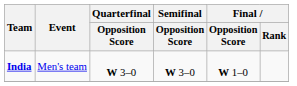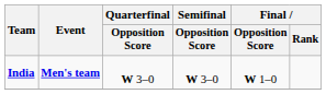 <table class=wikitable style=font-size:90%;text-align:center>
 <tr>
 <th rowspan=2>Team</th>
 <th rowspan=2>Event</th>
 <th>Quarterfinal</th>
 <th>Semifinal</th>
 <th colspan=2>Final / </th>
 </tr>
 <tr style=font-size:95%>
 <th>Opposition<br>Score</th>
 <th>Opposition<br>Score</th>
 <th>Opposition<br>Score</th>
 <th>Rank</th>
 </tr>
 <tr>
 <td align=left><strong><a href='#'>India</a></strong></td>
-<td align=left><a href='#'>Men's team</a></td>
+<td align=left><strong><a href='#'>Men's team</a></strong></td>
 <td><br><strong>W</strong> 3–0</td>
 <td><br> <strong>W</strong> 3–0</td>
 <td><br><strong>W</strong> 1–0</td>
 <td></td>
 </tr>
 <tr>
 </tr>
 </table>
